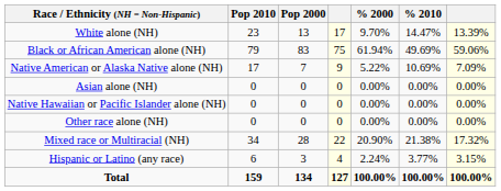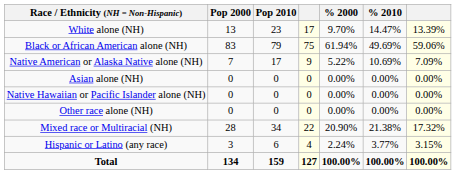 <table class="wikitable" style="text-align:center;">
 <tr>
 <th>Race / Ethnicity <small>(<em>NH = Non-Hispanic</em>)</small></th>
+<th>Pop 2000</th>
 <th>Pop 2010</th>
-<th>Pop 2000</th>
 <th></th>
 <th>% 2000</th>
 <th>% 2010</th>
 <th></th>
 </tr>
 <tr>
 <td><a href='#'>White</a> alone (NH)</td>
+<td>13</td>
 <td>23</td>
-<td>13</td>
 <td style='background: #ffffe6;'>17</td>
 <td>9.70%</td>
 <td>14.47%</td>
 <td style='background: #ffffe6;'>13.39%</td>
 </tr>
 <tr>
 <td><a href='#'>Black or African American</a> alone (NH)</td>
+<td>83</td>
 <td>79</td>
-<td>83</td>
 <td style='background: #ffffe6;'>75</td>
 <td>61.94%</td>
 <td>49.69%</td>
 <td style='background: #ffffe6;'>59.06%</td>
 </tr>
 <tr>
 <td><a href='#'>Native American</a> or <a href='#'>Alaska Native</a> alone (NH)</td>
+<td>7</td>
 <td>17</td>
-<td>7</td>
 <td style='background: #ffffe6;'>9</td>
 <td>5.22%</td>
 <td>10.69%</td>
 <td style='background: #ffffe6;'>7.09%</td>
 </tr>
 <tr>
 <td><a href='#'>Asian</a> alone (NH)</td>
 <td>0</td>
 <td>0</td>
 <td style='background: #ffffe6;'>0</td>
 <td>0.00%</td>
 <td>0.00%</td>
 <td style='background: #ffffe6;'>0.00%</td>
 </tr>
 <tr>
 <td><a href='#'>Native Hawaiian</a> or <a href='#'>Pacific Islander</a> alone (NH)</td>
 <td>0</td>
 <td>0</td>
 <td style='background: #ffffe6;'>0</td>
 <td>0.00%</td>
 <td>0.00%</td>
 <td style='background: #ffffe6;'>0.00%</td>
 </tr>
 <tr>
 <td><a href='#'>Other race</a> alone (NH)</td>
 <td>0</td>
 <td>0</td>
 <td style='background: #ffffe6;'>0</td>
 <td>0.00%</td>
 <td>0.00%</td>
 <td style='background: #ffffe6;'>0.00%</td>
 </tr>
 <tr>
 <td><a href='#'>Mixed race or Multiracial</a> (NH)</td>
+<td>28</td>
 <td>34</td>
-<td>28</td>
 <td style='background: #ffffe6;'>22</td>
 <td>20.90%</td>
 <td>21.38%</td>
 <td style='background: #ffffe6;'>17.32%</td>
 </tr>
 <tr>
 <td><a href='#'>Hispanic or Latino</a> (any race)</td>
+<td>3</td>
 <td>6</td>
-<td>3</td>
 <td style='background: #ffffe6;'>4</td>
 <td>2.24%</td>
 <td>3.77%</td>
 <td style='background: #ffffe6;'>3.15%</td>
 </tr>
 <tr>
 <td><strong>Total</strong></td>
+<td><strong>134</strong></td>
 <td><strong>159</strong></td>
-<td><strong>134</strong></td>
 <td style='background: #ffffe6;'><strong>127</strong></td>
 <td><strong>100.00%</strong></td>
 <td><strong>100.00%</strong></td>
 <td style='background: #ffffe6;'><strong>100.00%</strong></td>
 </tr>
 </table>
